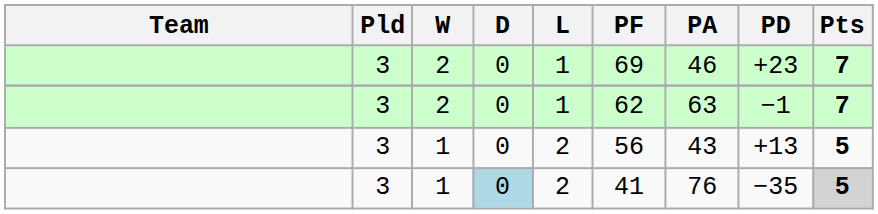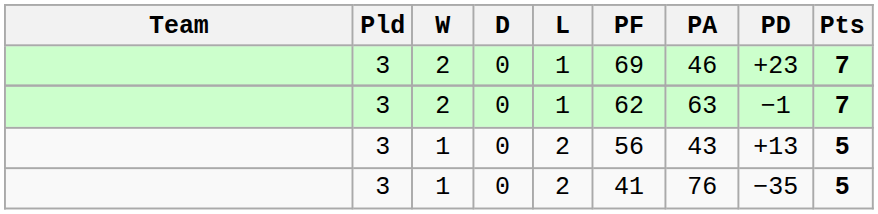 <table class="wikitable" style="text-align:center;">
 <tr>
 <th width=175>Team</th>
 <th width=25 abbr="Played">Pld</th>
 <th width=25 abbr="Won">W</th>
 <th width=25 abbr="Drawn">D</th>
 <th width=25 abbr="Lost">L</th>
 <th width=32 abbr="Points for">PF</th>
 <th width=32 abbr="Points against">PA</th>
 <th width=32 abbr="Points difference">PD</th>
 <th width=25 abbr="Points">Pts</th>
 </tr>
 <tr bgcolor=ccffcc>
 <td align=left></td>
 <td>3</td>
 <td>2</td>
 <td>0</td>
 <td>1</td>
 <td>69</td>
 <td>46</td>
 <td>+23</td>
 <td><strong>7</strong></td>
 </tr>
 <tr>
 </tr>
 <tr bgcolor=ccffcc>
 <td align=left></td>
 <td>3</td>
 <td>2</td>
 <td>0</td>
 <td>1</td>
 <td>62</td>
 <td>63</td>
 <td>−1</td>
 <td><strong>7</strong></td>
 </tr>
 <tr>
 <td align=left></td>
 <td>3</td>
 <td>1</td>
 <td>0</td>
 <td>2</td>
 <td>56</td>
 <td>43</td>
 <td>+13</td>
 <td><strong>5</strong></td>
 </tr>
 <tr>
 <td align=left></td>
 <td>3</td>
 <td>1</td>
-<td style="background: lightblue;">0</td>
+<td>0</td>
 <td>2</td>
 <td>41</td>
 <td>76</td>
 <td>−35</td>
-<td style="background: lightgrey;"><strong>5</strong></td>
+<td><strong>5</strong></td>
 </tr>
 </table>
